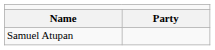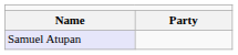 <table class=wikitable style="font-size:90%">
 <tr>
 <td colspan=4 bgcolor=></td>
 </tr>
 <tr>
 <th width=150px>Name</th>
 <th colspan=2 width=110px>Party</th>
 </tr>
 <tr>
-<td>Samuel Atupan</td>
+<td style="background: lavender;">Samuel Atupan</td>
 <td></td>
 </tr>
 </table>
